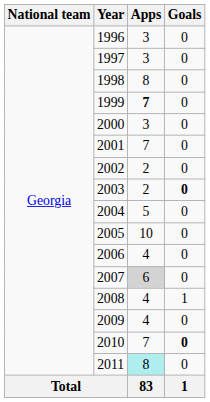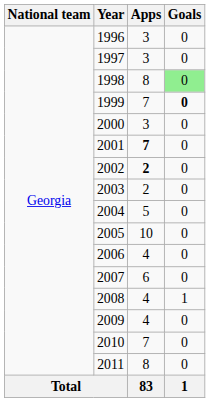 <table class="wikitable" style="text-align:center">
 <tr>
 <th>National team</th>
 <th>Year</th>
 <th>Apps</th>
 <th>Goals</th>
 </tr>
 <tr>
 <td rowspan="16"><a href='#'>Georgia</a></td>
 <td>1996</td>
 <td>3</td>
 <td>0</td>
 </tr>
 <tr>
 <td>1997</td>
 <td>3</td>
 <td>0</td>
 </tr>
 <tr>
 <td>1998</td>
 <td>8</td>
-<td>0</td>
+<td style="background: lightgreen;">0</td>
 </tr>
 <tr>
 <td>1999</td>
-<td><strong>7</strong></td>
-<td>0</td>
+<td>7</td>
+<td><strong>0</strong></td>
 </tr>
 <tr>
 <td>2000</td>
 <td>3</td>
 <td>0</td>
 </tr>
 <tr>
 <td>2001</td>
-<td>7</td>
+<td><strong>7</strong></td>
 <td>0</td>
 </tr>
 <tr>
 <td>2002</td>
-<td>2</td>
+<td><strong>2</strong></td>
 <td>0</td>
 </tr>
 <tr>
 <td>2003</td>
 <td>2</td>
-<td><strong>0</strong></td>
+<td>0</td>
 </tr>
 <tr>
 <td>2004</td>
 <td>5</td>
 <td>0</td>
 </tr>
 <tr>
 <td>2005</td>
 <td>10</td>
 <td>0</td>
 </tr>
 <tr>
 <td>2006</td>
 <td>4</td>
 <td>0</td>
 </tr>
 <tr>
 <td>2007</td>
-<td style="background: lightgrey;">6</td>
+<td>6</td>
 <td>0</td>
 </tr>
 <tr>
 <td>2008</td>
 <td>4</td>
 <td>1</td>
 </tr>
 <tr>
 <td>2009</td>
 <td>4</td>
 <td>0</td>
 </tr>
 <tr>
 <td>2010</td>
 <td>7</td>
-<td><strong>0</strong></td>
+<td>0</td>
 </tr>
 <tr>
 <td>2011</td>
-<td style="background: paleturquoise;">8</td>
+<td>8</td>
 <td>0</td>
 </tr>
 <tr>
 <th colspan="2">Total</th>
 <th>83</th>
 <th>1</th>
 </tr>
 </table>
